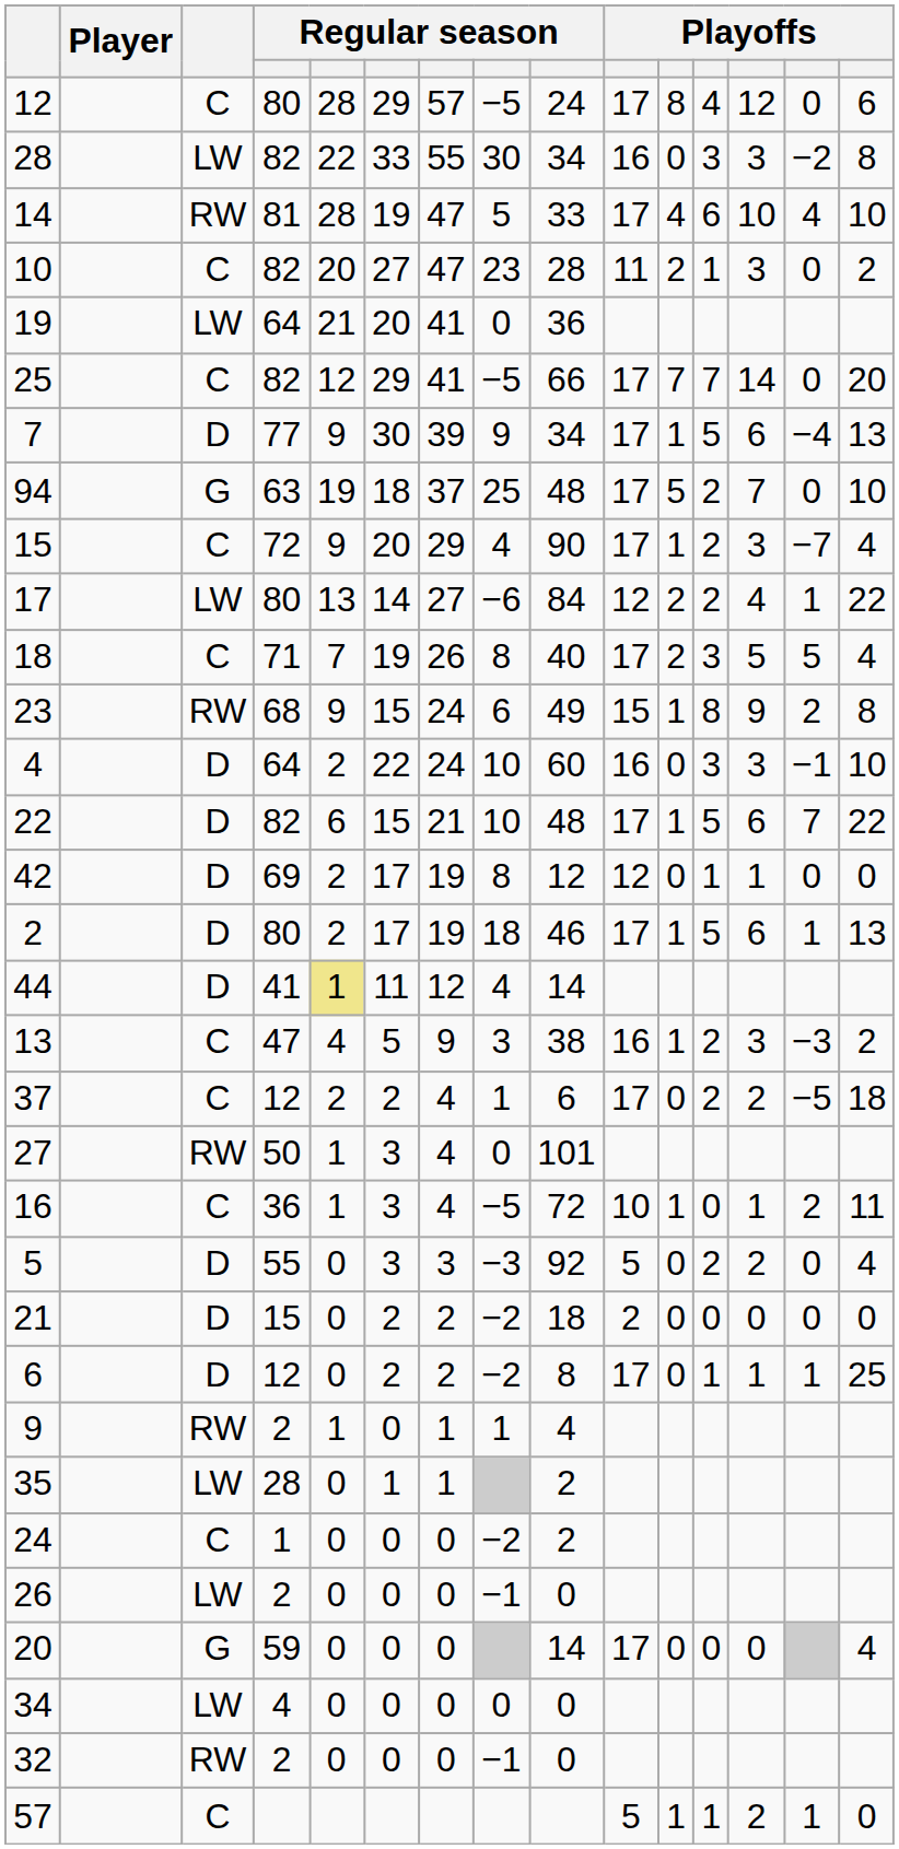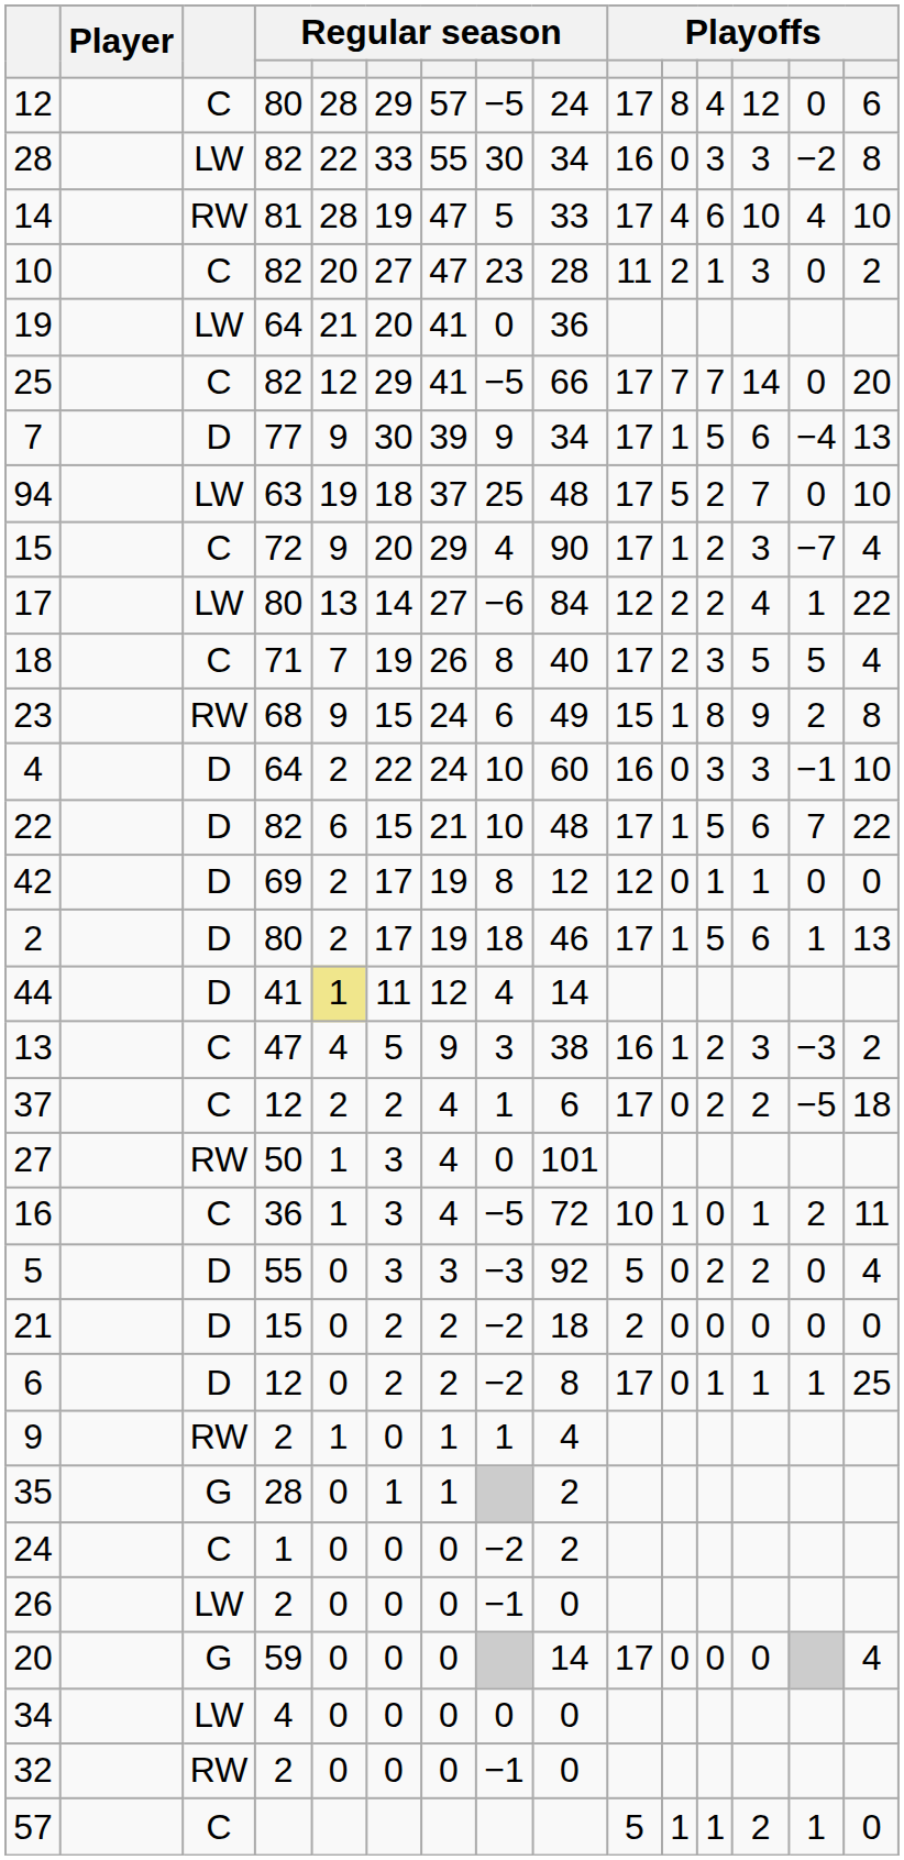 <table class="wikitable sortable plainrowheaders" style="text-align:center;">
 <tr>
 <th scope="col" data-sort-type="number" rowspan="2"></th>
 <th scope="col" rowspan="2">Player</th>
 <th scope="col" rowspan="2"></th>
 <th scope=colgroup colspan=6>Regular season</th>
 <th scope=colgroup colspan=6>Playoffs</th>
 </tr>
 <tr>
 <th scope="col" data-sort-type="number"></th>
 <th scope="col" data-sort-type="number"></th>
 <th scope="col" data-sort-type="number"></th>
 <th scope="col" data-sort-type="number"></th>
 <th scope="col" data-sort-type="number"></th>
 <th scope="col" data-sort-type="number"></th>
 <th scope="col" data-sort-type="number"></th>
 <th scope="col" data-sort-type="number"></th>
 <th scope="col" data-sort-type="number"></th>
 <th scope="col" data-sort-type="number"></th>
 <th scope="col" data-sort-type="number"></th>
 <th scope="col" data-sort-type="number"></th>
 </tr>
 <tr>
 <td scope="row">12</td>
 <td align="left"></td>
 <td>C</td>
 <td>80</td>
 <td>28</td>
 <td>29</td>
 <td>57</td>
 <td>−5</td>
 <td>24</td>
 <td>17</td>
 <td>8</td>
 <td>4</td>
 <td>12</td>
 <td>0</td>
 <td>6</td>
 </tr>
 <tr>
 <td scope="row">28</td>
 <td align="left"></td>
 <td>LW</td>
 <td>82</td>
 <td>22</td>
 <td>33</td>
 <td>55</td>
 <td>30</td>
 <td>34</td>
 <td>16</td>
 <td>0</td>
 <td>3</td>
 <td>3</td>
 <td>−2</td>
 <td>8</td>
 </tr>
 <tr>
 <td scope="row">14</td>
 <td align="left"></td>
 <td>RW</td>
 <td>81</td>
 <td>28</td>
 <td>19</td>
 <td>47</td>
 <td>5</td>
 <td>33</td>
 <td>17</td>
 <td>4</td>
 <td>6</td>
 <td>10</td>
 <td>4</td>
 <td>10</td>
 </tr>
 <tr>
 <td scope="row">10</td>
 <td align="left"></td>
 <td>C</td>
 <td>82</td>
 <td>20</td>
 <td>27</td>
 <td>47</td>
 <td>23</td>
 <td>28</td>
 <td>11</td>
 <td>2</td>
 <td>1</td>
 <td>3</td>
 <td>0</td>
 <td>2</td>
 </tr>
 <tr>
 <td scope="row">19</td>
 <td align="left"></td>
 <td>LW</td>
 <td>64</td>
 <td>21</td>
 <td>20</td>
 <td>41</td>
 <td>0</td>
 <td>36</td>
 <td></td>
 <td></td>
 <td></td>
 <td></td>
 <td></td>
 <td></td>
 </tr>
 <tr>
 <td scope="row">25</td>
 <td align="left"></td>
 <td>C</td>
 <td>82</td>
 <td>12</td>
 <td>29</td>
 <td>41</td>
 <td>−5</td>
 <td>66</td>
 <td>17</td>
 <td>7</td>
 <td>7</td>
 <td>14</td>
 <td>0</td>
 <td>20</td>
 </tr>
 <tr>
 <td scope="row">7</td>
 <td align="left"></td>
 <td>D</td>
 <td>77</td>
 <td>9</td>
 <td>30</td>
 <td>39</td>
 <td>9</td>
 <td>34</td>
 <td>17</td>
 <td>1</td>
 <td>5</td>
 <td>6</td>
 <td>−4</td>
 <td>13</td>
 </tr>
 <tr>
 <td scope="row">94</td>
 <td align="left"></td>
-<td>G</td>
+<td>LW</td>
 <td>63</td>
 <td>19</td>
 <td>18</td>
 <td>37</td>
 <td>25</td>
 <td>48</td>
 <td>17</td>
 <td>5</td>
 <td>2</td>
 <td>7</td>
 <td>0</td>
 <td>10</td>
 </tr>
 <tr>
 <td scope="row">15</td>
 <td align="left"></td>
 <td>C</td>
 <td>72</td>
 <td>9</td>
 <td>20</td>
 <td>29</td>
 <td>4</td>
 <td>90</td>
 <td>17</td>
 <td>1</td>
 <td>2</td>
 <td>3</td>
 <td>−7</td>
 <td>4</td>
 </tr>
 <tr>
 <td scope="row">17</td>
 <td align="left"></td>
 <td>LW</td>
 <td>80</td>
 <td>13</td>
 <td>14</td>
 <td>27</td>
 <td>−6</td>
 <td>84</td>
 <td>12</td>
 <td>2</td>
 <td>2</td>
 <td>4</td>
 <td>1</td>
 <td>22</td>
 </tr>
 <tr>
 <td scope="row">18</td>
 <td align="left"></td>
 <td>C</td>
 <td>71</td>
 <td>7</td>
 <td>19</td>
 <td>26</td>
 <td>8</td>
 <td>40</td>
 <td>17</td>
 <td>2</td>
 <td>3</td>
 <td>5</td>
 <td>5</td>
 <td>4</td>
 </tr>
 <tr>
 <td scope="row">23</td>
 <td align="left"></td>
 <td>RW</td>
 <td>68</td>
 <td>9</td>
 <td>15</td>
 <td>24</td>
 <td>6</td>
 <td>49</td>
 <td>15</td>
 <td>1</td>
 <td>8</td>
 <td>9</td>
 <td>2</td>
 <td>8</td>
 </tr>
 <tr>
 <td scope="row">4</td>
 <td align="left"></td>
 <td>D</td>
 <td>64</td>
 <td>2</td>
 <td>22</td>
 <td>24</td>
 <td>10</td>
 <td>60</td>
 <td>16</td>
 <td>0</td>
 <td>3</td>
 <td>3</td>
 <td>−1</td>
 <td>10</td>
 </tr>
 <tr>
 <td scope="row">22</td>
 <td align="left"></td>
 <td>D</td>
 <td>82</td>
 <td>6</td>
 <td>15</td>
 <td>21</td>
 <td>10</td>
 <td>48</td>
 <td>17</td>
 <td>1</td>
 <td>5</td>
 <td>6</td>
 <td>7</td>
 <td>22</td>
 </tr>
 <tr>
 <td scope="row">42</td>
 <td align="left"></td>
 <td>D</td>
 <td>69</td>
 <td>2</td>
 <td>17</td>
 <td>19</td>
 <td>8</td>
 <td>12</td>
 <td>12</td>
 <td>0</td>
 <td>1</td>
 <td>1</td>
 <td>0</td>
 <td>0</td>
 </tr>
 <tr>
 <td scope="row">2</td>
 <td align="left"></td>
 <td>D</td>
 <td>80</td>
 <td>2</td>
 <td>17</td>
 <td>19</td>
 <td>18</td>
 <td>46</td>
 <td>17</td>
 <td>1</td>
 <td>5</td>
 <td>6</td>
 <td>1</td>
 <td>13</td>
 </tr>
 <tr>
 <td scope="row">44</td>
 <td align="left"></td>
 <td>D</td>
 <td>41</td>
 <td style="background: khaki;">1</td>
 <td>11</td>
 <td>12</td>
 <td>4</td>
 <td>14</td>
 <td></td>
 <td></td>
 <td></td>
 <td></td>
 <td></td>
 <td></td>
 </tr>
 <tr>
 <td scope="row">13</td>
 <td align="left"></td>
 <td>C</td>
 <td>47</td>
 <td>4</td>
 <td>5</td>
 <td>9</td>
 <td>3</td>
 <td>38</td>
 <td>16</td>
 <td>1</td>
 <td>2</td>
 <td>3</td>
 <td>−3</td>
 <td>2</td>
 </tr>
 <tr>
 <td scope="row">37</td>
 <td align="left"></td>
 <td>C</td>
 <td>12</td>
 <td>2</td>
 <td>2</td>
 <td>4</td>
 <td>1</td>
 <td>6</td>
 <td>17</td>
 <td>0</td>
 <td>2</td>
 <td>2</td>
 <td>−5</td>
 <td>18</td>
 </tr>
 <tr>
 <td scope="row">27</td>
 <td align="left"></td>
 <td>RW</td>
 <td>50</td>
 <td>1</td>
 <td>3</td>
 <td>4</td>
 <td>0</td>
 <td>101</td>
 <td></td>
 <td></td>
 <td></td>
 <td></td>
 <td></td>
 <td></td>
 </tr>
 <tr>
 <td scope="row">16</td>
 <td align="left"></td>
 <td>C</td>
 <td>36</td>
 <td>1</td>
 <td>3</td>
 <td>4</td>
 <td>−5</td>
 <td>72</td>
 <td>10</td>
 <td>1</td>
 <td>0</td>
 <td>1</td>
 <td>2</td>
 <td>11</td>
 </tr>
 <tr>
 <td scope="row">5</td>
 <td align="left"></td>
 <td>D</td>
 <td>55</td>
 <td>0</td>
 <td>3</td>
 <td>3</td>
 <td>−3</td>
 <td>92</td>
 <td>5</td>
 <td>0</td>
 <td>2</td>
 <td>2</td>
 <td>0</td>
 <td>4</td>
 </tr>
 <tr>
 <td scope="row">21</td>
 <td align="left"></td>
 <td>D</td>
 <td>15</td>
 <td>0</td>
 <td>2</td>
 <td>2</td>
 <td>−2</td>
 <td>18</td>
 <td>2</td>
 <td>0</td>
 <td>0</td>
 <td>0</td>
 <td>0</td>
 <td>0</td>
 </tr>
 <tr>
 <td scope="row">6</td>
 <td align="left"></td>
 <td>D</td>
 <td>12</td>
 <td>0</td>
 <td>2</td>
 <td>2</td>
 <td>−2</td>
 <td>8</td>
 <td>17</td>
 <td>0</td>
 <td>1</td>
 <td>1</td>
 <td>1</td>
 <td>25</td>
 </tr>
 <tr>
 <td scope="row">9</td>
 <td align="left"></td>
 <td>RW</td>
 <td>2</td>
 <td>1</td>
 <td>0</td>
 <td>1</td>
 <td>1</td>
 <td>4</td>
 <td></td>
 <td></td>
 <td></td>
 <td></td>
 <td></td>
 <td></td>
 </tr>
 <tr>
 <td scope="row">35</td>
 <td align="left"></td>
-<td>LW</td>
+<td>G</td>
 <td>28</td>
 <td>0</td>
 <td>1</td>
 <td>1</td>
 <td style="background:#ccc"></td>
 <td>2</td>
 <td></td>
 <td></td>
 <td></td>
 <td></td>
 <td></td>
 <td></td>
 </tr>
 <tr>
 <td scope="row">24</td>
 <td align="left"></td>
 <td>C</td>
 <td>1</td>
 <td>0</td>
 <td>0</td>
 <td>0</td>
 <td>−2</td>
 <td>2</td>
 <td></td>
 <td></td>
 <td></td>
 <td></td>
 <td></td>
 <td></td>
 </tr>
 <tr>
 <td scope="row">26</td>
 <td align="left"></td>
 <td>LW</td>
 <td>2</td>
 <td>0</td>
 <td>0</td>
 <td>0</td>
 <td>−1</td>
 <td>0</td>
 <td></td>
 <td></td>
 <td></td>
 <td></td>
 <td></td>
 <td></td>
 </tr>
 <tr>
 <td scope="row">20</td>
 <td align="left"></td>
 <td>G</td>
 <td>59</td>
 <td>0</td>
 <td>0</td>
 <td>0</td>
 <td style="background:#ccc"></td>
 <td>14</td>
 <td>17</td>
 <td>0</td>
 <td>0</td>
 <td>0</td>
 <td style="background:#ccc"></td>
 <td>4</td>
 </tr>
 <tr>
 <td scope="row">34</td>
 <td align="left"></td>
 <td>LW</td>
 <td>4</td>
 <td>0</td>
 <td>0</td>
 <td>0</td>
 <td>0</td>
 <td>0</td>
 <td></td>
 <td></td>
 <td></td>
 <td></td>
 <td></td>
 <td></td>
 </tr>
 <tr>
 <td scope="row">32</td>
 <td align="left"></td>
 <td>RW</td>
 <td>2</td>
 <td>0</td>
 <td>0</td>
 <td>0</td>
 <td>−1</td>
 <td>0</td>
 <td></td>
 <td></td>
 <td></td>
 <td></td>
 <td></td>
 <td></td>
 </tr>
 <tr>
 <td scope="row">57</td>
 <td align="left"></td>
 <td>C</td>
 <td></td>
 <td></td>
 <td></td>
 <td></td>
 <td></td>
 <td></td>
 <td>5</td>
 <td>1</td>
 <td>1</td>
 <td>2</td>
 <td>1</td>
 <td>0</td>
 </tr>
 </table>
